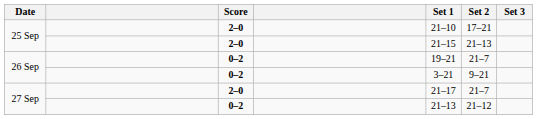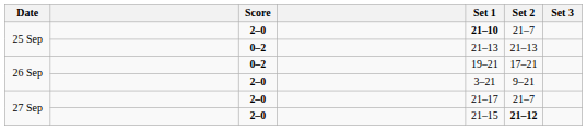 <table class="wikitable" style="text-align: center;">
 <tr>
 <th width="60">Date</th>
 <th align="right" width="270"></th>
 <th width="50">Score</th>
 <th align="left" width="270"></th>
 <th width="50">Set 1</th>
 <th width="50">Set 2</th>
 <th width="50">Set 3</th>
 </tr>
 <tr>
 <td rowspan=2>25 Sep</td>
 <td align=left><strong></strong></td>
 <td align=center><strong>2–0</strong></td>
 <td align=left></td>
-<td>21–10</td>
-<td>17–21</td>
+<td><strong>21–10</strong></td>
+<td>21–7</td>
 <td></td>
 </tr>
 <tr>
 <td align=left><strong></strong></td>
-<td align=center><strong>2–0</strong></td>
+<td align=center><strong>0–2</strong></td>
 <td align=left></td>
-<td>21–15</td>
+<td>21–13</td>
 <td>21–13</td>
 <td></td>
 </tr>
 <tr>
 <td rowspan=2>26 Sep</td>
 <td align=left></td>
 <td align=center><strong>0–2</strong></td>
 <td align=left><strong></strong></td>
 <td>19–21</td>
-<td>21–7</td>
+<td>17–21</td>
 <td></td>
 </tr>
 <tr>
 <td align=left></td>
-<td align=center><strong>0–2</strong></td>
+<td align=center><strong>2–0</strong></td>
 <td align=left><strong></strong></td>
 <td>3–21</td>
 <td>9–21</td>
 <td></td>
 </tr>
 <tr>
 <td rowspan=2>27 Sep</td>
 <td align=left><strong></strong></td>
 <td align=center><strong>2–0</strong></td>
 <td align=left></td>
 <td>21–17</td>
 <td>21–7</td>
 <td></td>
 </tr>
 <tr>
 <td align=left><strong></strong></td>
-<td align=center><strong>0–2</strong></td>
+<td align=center><strong>2–0</strong></td>
 <td align=left></td>
-<td>21–13</td>
-<td>21–12</td>
+<td>21–15</td>
+<td><strong>21–12</strong></td>
 <td></td>
 </tr>
 </table>
